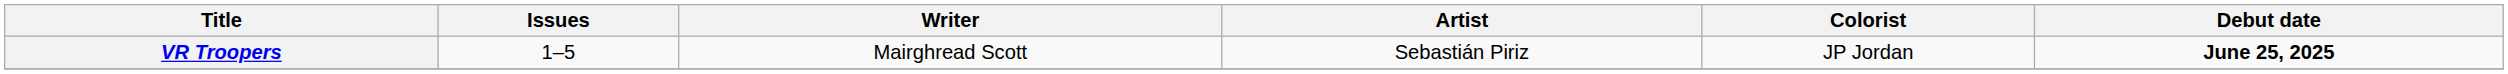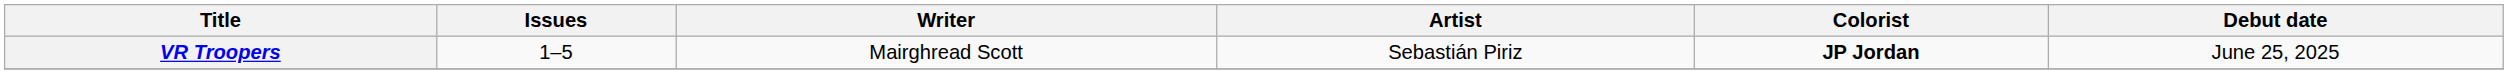 <table class="wikitable" width="100%" style="text-align: center;">
 <tr>
 <th scope="col">Title</th>
 <th scope="col">Issues</th>
 <th scope="col">Writer</th>
 <th scope="col">Artist</th>
 <th scope="col">Colorist</th>
 <th scope="col">Debut date<br></th>
 </tr>
 <tr>
 <th scope="col"><em><a href='#'>VR Troopers</a></em></th>
 <td>1–5</td>
 <td>Mairghread Scott</td>
 <td>Sebastián Piriz</td>
-<td>JP Jordan</td>
-<td><strong>June 25, 2025</strong></td>
+<td><strong>JP Jordan</strong></td>
+<td>June 25, 2025</td>
 </tr>
 <tr>
 </tr>
 </table>
